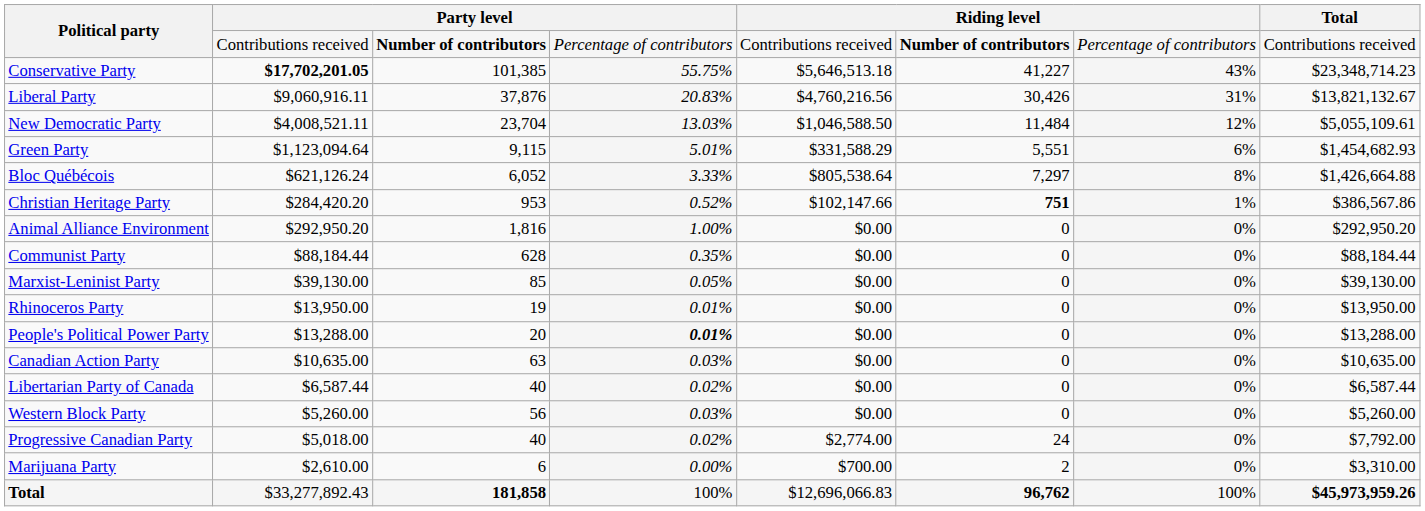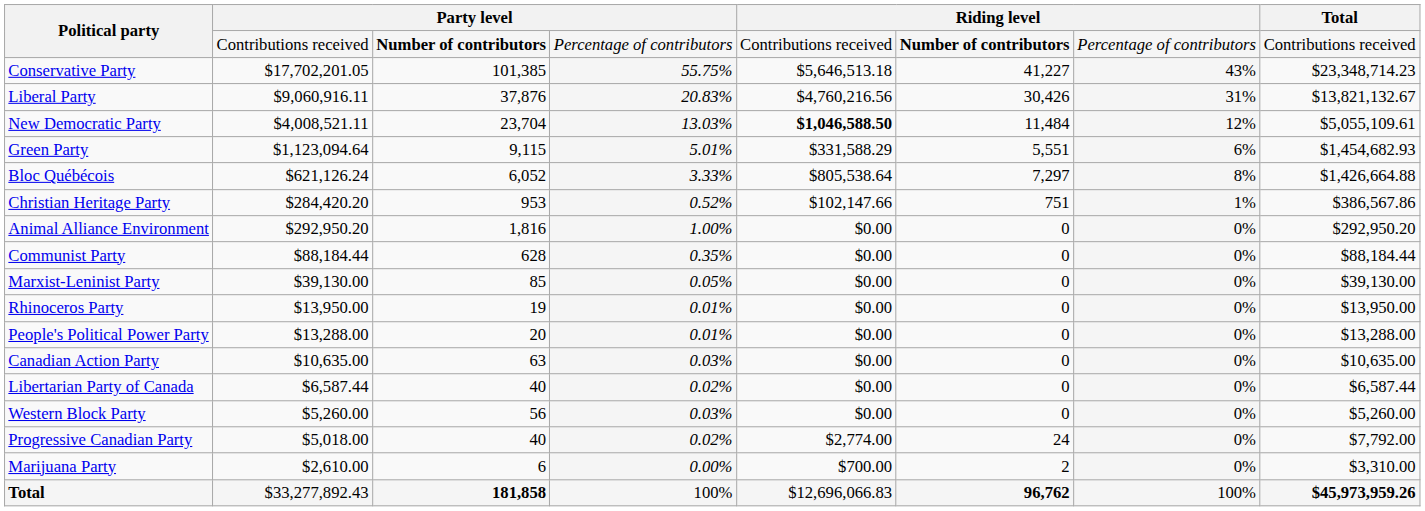 <table class="wikitable" bgcolor="#cccccc" style="border:1px solid #cccccc; text-align: right">
 <tr style="text-align:center">
 <th rowspan="2"><strong>Political party</strong></th>
 <th colspan="3"><strong>Party level</strong></th>
 <th colspan="3"><strong>Riding level</strong></th>
 <th><strong>Total</strong></th>
 </tr>
 <tr style="text-align:center; background:#f5f5f5;">
 <td>Contributions received</td>
 <td><strong>Number of contributors</strong></td>
 <td><em>Percentage of contributors</em></td>
 <td>Contributions received</td>
 <td><strong>Number of contributors</strong></td>
 <td><em>Percentage of contributors</em></td>
 <td>Contributions received</td>
 </tr>
 <tr>
 <td align="left"><a href='#'>Conservative Party</a></td>
-<td><strong>$17,702,201.05</strong></td>
+<td>$17,702,201.05</td>
 <td>101,385</td>
 <td style="background:#f5f5f5;"><em>55.75%</em></td>
 <td>$5,646,513.18</td>
 <td>41,227</td>
 <td style="background:#f5f5f5;">43%</td>
 <td>$23,348,714.23</td>
 </tr>
 <tr>
 <td align="left"><a href='#'>Liberal Party</a></td>
 <td>$9,060,916.11</td>
 <td>37,876</td>
 <td style="background:#f5f5f5;"><em>20.83%</em></td>
 <td>$4,760,216.56</td>
 <td>30,426</td>
 <td style="background:#f5f5f5;">31%</td>
 <td>$13,821,132.67</td>
 </tr>
 <tr>
 <td align="left"><a href='#'>New Democratic Party</a></td>
 <td>$4,008,521.11</td>
 <td>23,704</td>
 <td style="background:#f5f5f5;"><em>13.03%</em></td>
-<td>$1,046,588.50</td>
+<td><strong>$1,046,588.50</strong></td>
 <td>11,484</td>
 <td style="background:#f5f5f5;">12%</td>
 <td>$5,055,109.61</td>
 </tr>
 <tr>
 <td align="left"><a href='#'>Green Party</a></td>
 <td>$1,123,094.64</td>
 <td>9,115</td>
 <td style="background:#f5f5f5;"><em>5.01%</em></td>
 <td>$331,588.29</td>
 <td>5,551</td>
 <td style="background:#f5f5f5;">6%</td>
 <td>$1,454,682.93</td>
 </tr>
 <tr>
 <td align="left"><a href='#'>Bloc Québécois</a></td>
 <td>$621,126.24</td>
 <td>6,052</td>
 <td style="background:#f5f5f5;"><em>3.33%</em></td>
 <td>$805,538.64</td>
 <td>7,297</td>
 <td style="background:#f5f5f5;">8%</td>
 <td>$1,426,664.88</td>
 </tr>
 <tr>
 <td align="left"><a href='#'>Christian Heritage Party</a></td>
 <td>$284,420.20</td>
 <td>953</td>
 <td style="background:#f5f5f5;"><em>0.52%</em></td>
 <td>$102,147.66</td>
-<td><strong>751</strong></td>
+<td>751</td>
 <td style="background:#f5f5f5;">1%</td>
 <td>$386,567.86</td>
 </tr>
 <tr>
 <td align="left"><a href='#'>Animal Alliance Environment</a></td>
 <td>$292,950.20</td>
 <td>1,816</td>
 <td style="background:#f5f5f5;"><em>1.00%</em></td>
 <td>$0.00</td>
 <td>0</td>
 <td style="background:#f5f5f5;">0%</td>
 <td>$292,950.20</td>
 </tr>
 <tr>
 <td align="left"><a href='#'>Communist Party</a></td>
 <td>$88,184.44</td>
 <td>628</td>
 <td style="background:#f5f5f5;"><em>0.35%</em></td>
 <td>$0.00</td>
 <td>0</td>
 <td style="background:#f5f5f5;">0%</td>
 <td>$88,184.44</td>
 </tr>
 <tr>
 <td align="left"><a href='#'>Marxist-Leninist Party</a></td>
 <td>$39,130.00</td>
 <td>85</td>
 <td style="background:#f5f5f5;"><em>0.05%</em></td>
 <td>$0.00</td>
 <td>0</td>
 <td style="background:#f5f5f5;">0%</td>
 <td>$39,130.00</td>
 </tr>
 <tr>
 <td align="left"><a href='#'>Rhinoceros Party</a></td>
 <td>$13,950.00</td>
 <td>19</td>
 <td style="background:#f5f5f5;"><em>0.01%</em></td>
 <td>$0.00</td>
 <td>0</td>
 <td style="background:#f5f5f5;">0%</td>
 <td>$13,950.00</td>
 </tr>
 <tr>
 <td align="left"><a href='#'>People's Political Power Party</a></td>
 <td>$13,288.00</td>
 <td>20</td>
-<td style="background:#f5f5f5;"><strong><em>0.01%</em></strong></td>
+<td style="background:#f5f5f5;"><em>0.01%</em></td>
 <td>$0.00</td>
 <td>0</td>
 <td style="background:#f5f5f5;">0%</td>
 <td>$13,288.00</td>
 </tr>
 <tr>
 <td align="left"><a href='#'>Canadian Action Party</a></td>
 <td>$10,635.00</td>
 <td>63</td>
 <td style="background:#f5f5f5;"><em>0.03%</em></td>
 <td>$0.00</td>
 <td>0</td>
 <td style="background:#f5f5f5;">0%</td>
 <td>$10,635.00</td>
 </tr>
 <tr>
 <td align="left"><a href='#'>Libertarian Party of Canada</a></td>
 <td>$6,587.44</td>
 <td>40</td>
 <td style="background:#f5f5f5;"><em>0.02%</em></td>
 <td>$0.00</td>
 <td>0</td>
 <td style="background:#f5f5f5;">0%</td>
 <td>$6,587.44</td>
 </tr>
 <tr>
 <td align="left"><a href='#'>Western Block Party</a></td>
 <td>$5,260.00</td>
 <td>56</td>
 <td style="background:#f5f5f5;"><em>0.03%</em></td>
 <td>$0.00</td>
 <td>0</td>
 <td style="background:#f5f5f5;">0%</td>
 <td>$5,260.00</td>
 </tr>
 <tr>
 <td align="left"><a href='#'>Progressive Canadian Party</a></td>
 <td>$5,018.00</td>
 <td>40</td>
 <td style="background:#f5f5f5;"><em>0.02%</em></td>
 <td>$2,774.00</td>
 <td>24</td>
 <td style="background:#f5f5f5;">0%</td>
 <td>$7,792.00</td>
 </tr>
 <tr>
 <td align="left"><a href='#'>Marijuana Party</a></td>
 <td>$2,610.00</td>
 <td>6</td>
 <td style="background:#f5f5f5;"><em>0.00%</em></td>
 <td>$700.00</td>
 <td>2</td>
 <td style="background:#f5f5f5;">0%</td>
 <td>$3,310.00</td>
 </tr>
 <tr style="background:#f5f5f5;">
 <td style="text-align:left"><strong>Total</strong></td>
 <td>$33,277,892.43</td>
 <td><strong>181,858</strong></td>
 <td>100%</td>
 <td>$12,696,066.83</td>
 <td><strong>96,762</strong></td>
 <td>100%</td>
 <td><strong>$45,973,959.26</strong></td>
 </tr>
 </table>
